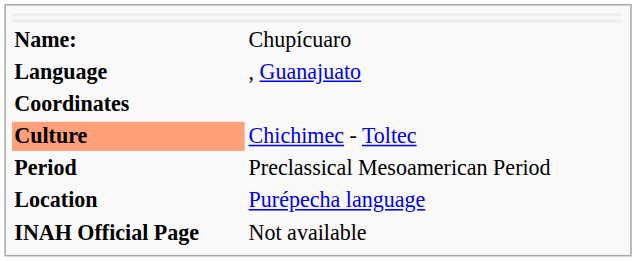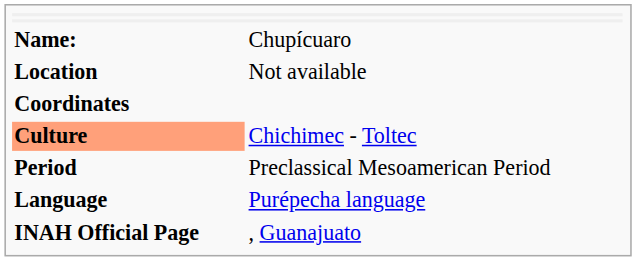 <table class="infobox" style="font-size:90%; text-align:left; width:28.5em">
 <tr>
 <td style="background:#efefef;" align="center" colspan="2"></td>
 </tr>
 <tr>
 <td style="background:#efefef;" align="center" colspan="2"></td>
 </tr>
 <tr>
 <td><strong>Name:</strong></td>
 <td>Chupícuaro</td>
 </tr>
 <tr>
-<td><strong>Language</strong></td>
-<td>, <a href='#'>Guanajuato</a><br></td>
+<td><strong>Location</strong></td>
+<td>Not available</td>
 </tr>
 <tr>
 <td><strong>Coordinates</strong></td>
 <td></td>
 </tr>
 <tr>
 <td style="background: lightsalmon;"><strong>Culture</strong></td>
 <td><a href='#'>Chichimec</a> - <a href='#'>Toltec</a></td>
 </tr>
 <tr>
 <td><strong>Period</strong></td>
 <td>Preclassical Mesoamerican Period</td>
 </tr>
 <tr>
-<td><strong>Location</strong></td>
+<td><strong>Language</strong></td>
 <td><a href='#'>Purépecha language</a></td>
 </tr>
 <tr>
 <td><strong>INAH Official Page</strong></td>
-<td>Not available</td>
+<td>, <a href='#'>Guanajuato</a><br></td>
 </tr>
 </table>
